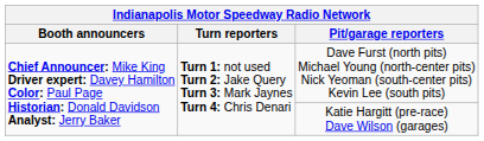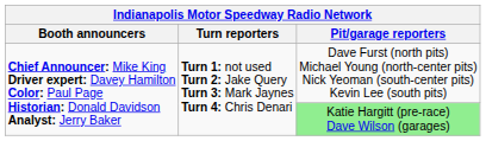 <table class="wikitable" style="font-size: 95%;">
 <tr>
 <th colspan=3><a href='#'>Indianapolis Motor Speedway Radio Network</a></th>
 </tr>
 <tr>
 <th>Booth announcers</th>
 <th>Turn reporters</th>
 <th><a href='#'>Pit/garage reporters</a></th>
 </tr>
 <tr>
 <td valign="top" rowspan=2><br><strong><a href='#'>Chief Announcer</a>:</strong> <a href='#'>Mike King</a><br> <strong>Driver expert:</strong> <a href='#'>Davey Hamilton</a><br> <strong><a href='#'>Color</a>:</strong> <a href='#'>Paul Page</a><br> <strong><a href='#'>Historian</a>:</strong> <a href='#'>Donald Davidson</a><br> <strong>Analyst:</strong> <a href='#'>Jerry Baker</a></td>
 <td valign="top" rowspan=2><br><strong>Turn 1:</strong> not used<br> <strong>Turn 2:</strong> Jake Query<br> <strong>Turn 3:</strong> Mark Jaynes<br> <strong>Turn 4:</strong> Chris Denari<br></td>
 <td align="center" valign="top">Dave Furst (north pits)<br>Michael Young (north-center pits)<br>Nick Yeoman (south-center pits)<br>Kevin Lee (south pits)<br></td>
 </tr>
 <tr>
-<td align="center" valign="top">Katie Hargitt (pre-race)<br><a href='#'>Dave Wilson</a> (garages)<br></td>
+<td align="center" valign="top" style="background: lightgreen;">Katie Hargitt (pre-race)<br><a href='#'>Dave Wilson</a> (garages)<br></td>
 </tr>
 </table>
